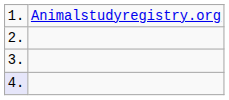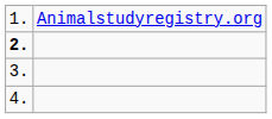 <table class="wikitable">
 <tr>
 <td>1.</td>
 <td><a href='#'>Animalstudyregistry.org</a></td>
 </tr>
 <tr>
-<td>2.</td>
+<td><strong>2.</strong></td>
 <td></td>
 </tr>
 <tr>
 <td>3.</td>
 <td></td>
 </tr>
 <tr>
-<td style="background: lavender;">4.</td>
+<td>4.</td>
 <td></td>
 </tr>
 </table>
